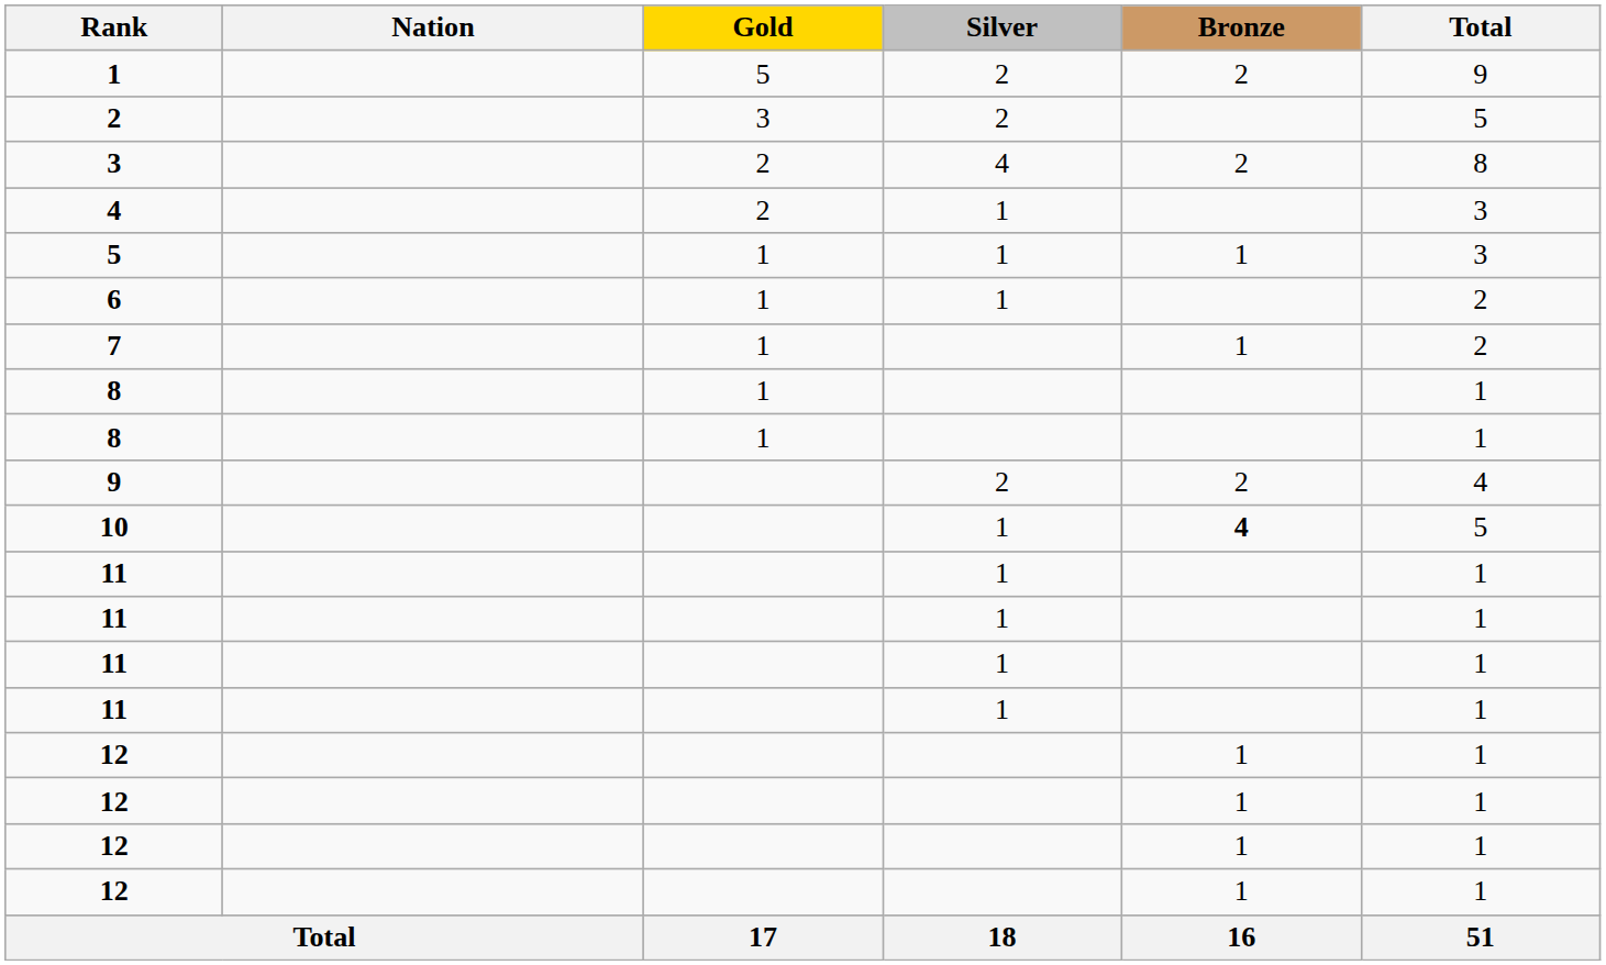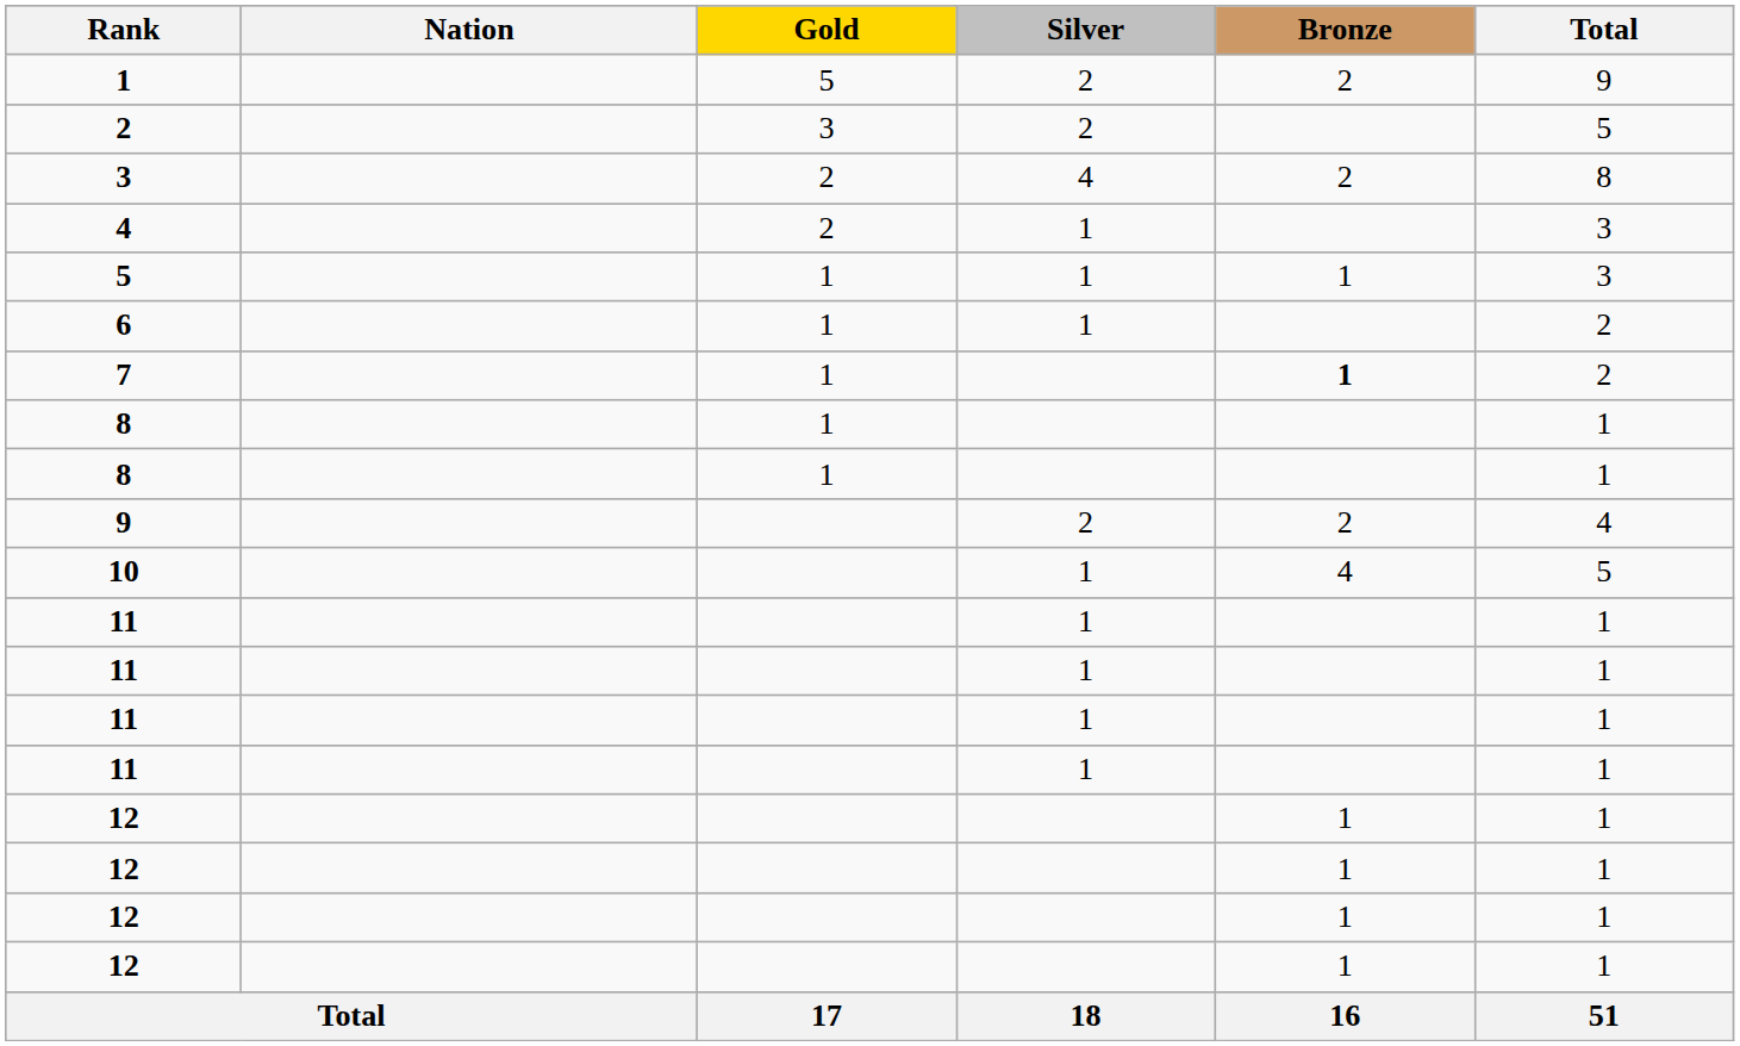 <table class="wikitable collapsible autocollapse plainrowheaders" width=70.5% style="text-align:center;">
 <tr style="background-color:#EDEDED;">
 <th width=100px class="hintergrundfarbe5">Rank</th>
 <th width=200px class="hintergrundfarbe6">Nation</th>
 <th style="background:    gold; width:15%">Gold</th>
 <th style="background:  silver; width:15%">Silver</th>
 <th style="background: #CC9966; width:15%">Bronze</th>
 <th class="hintergrundfarbe6" style="width:15%">Total</th>
 </tr>
 <tr>
 <td><strong>1</strong></td>
 <td align=left></td>
 <td>5</td>
 <td>2</td>
 <td>2</td>
 <td>9</td>
 </tr>
 <tr>
 <td><strong>2</strong></td>
 <td align=left></td>
 <td>3</td>
 <td>2</td>
 <td></td>
 <td>5</td>
 </tr>
 <tr>
 <td><strong>3</strong></td>
 <td align=left></td>
 <td>2</td>
 <td>4</td>
 <td>2</td>
 <td>8</td>
 </tr>
 <tr>
 <td><strong>4</strong></td>
 <td align=left></td>
 <td>2</td>
 <td>1</td>
 <td></td>
 <td>3</td>
 </tr>
 <tr>
 <td><strong>5</strong></td>
 <td align=left></td>
 <td>1</td>
 <td>1</td>
 <td>1</td>
 <td>3</td>
 </tr>
 <tr>
 <td><strong>6</strong></td>
 <td align=left></td>
 <td>1</td>
 <td>1</td>
 <td></td>
 <td>2</td>
 </tr>
 <tr>
 <td><strong>7</strong></td>
 <td align=left></td>
 <td>1</td>
 <td></td>
-<td>1</td>
+<td><strong>1</strong></td>
 <td>2</td>
 </tr>
 <tr>
 <td><strong>8</strong></td>
 <td align=left></td>
 <td>1</td>
 <td></td>
 <td></td>
 <td>1</td>
 </tr>
 <tr>
 <td><strong>8</strong></td>
 <td align=left></td>
 <td>1</td>
 <td></td>
 <td></td>
 <td>1</td>
 </tr>
 <tr>
 <td><strong>9</strong></td>
 <td align=left></td>
 <td></td>
 <td>2</td>
 <td>2</td>
 <td>4</td>
 </tr>
 <tr>
 <td><strong>10</strong></td>
 <td align=left></td>
 <td></td>
 <td>1</td>
-<td><strong>4</strong></td>
+<td>4</td>
 <td>5</td>
 </tr>
 <tr>
 <td><strong>11</strong></td>
 <td align=left></td>
 <td></td>
 <td>1</td>
 <td></td>
 <td>1</td>
 </tr>
 <tr>
 <td><strong>11</strong></td>
 <td align=left></td>
 <td></td>
 <td>1</td>
 <td></td>
 <td>1</td>
 </tr>
 <tr>
 <td><strong>11</strong></td>
 <td align=left></td>
 <td></td>
 <td>1</td>
 <td></td>
 <td>1</td>
 </tr>
 <tr>
 <td><strong>11</strong></td>
 <td align=left></td>
 <td></td>
 <td>1</td>
 <td></td>
 <td>1</td>
 </tr>
 <tr>
 <td><strong>12</strong></td>
 <td align=left></td>
 <td></td>
 <td></td>
 <td>1</td>
 <td>1</td>
 </tr>
 <tr>
 <td><strong>12</strong></td>
 <td align=left></td>
 <td></td>
 <td></td>
 <td>1</td>
 <td>1</td>
 </tr>
 <tr>
 <td><strong>12</strong></td>
 <td align=left></td>
 <td></td>
 <td></td>
 <td>1</td>
 <td>1</td>
 </tr>
 <tr>
 <td><strong>12</strong></td>
 <td align=left></td>
 <td></td>
 <td></td>
 <td>1</td>
 <td>1</td>
 </tr>
 <tr>
 <th colspan=2>Total</th>
 <th>17</th>
 <th>18</th>
 <th>16</th>
 <th>51</th>
 </tr>
 </table>
